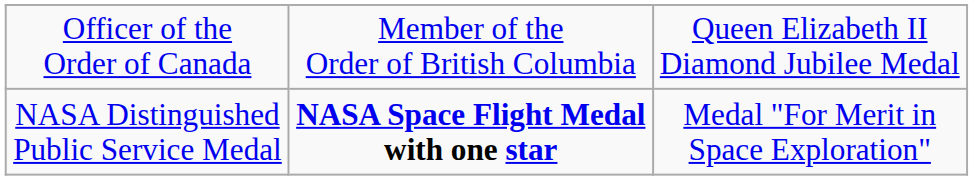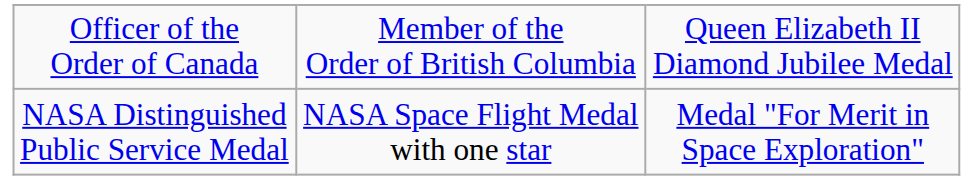 <table class="wikitable" style="margin:1em auto; text-align:center;">
 <tr>
 <td><a href='#'>Officer of the<br>Order of Canada</a></td>
 <td><a href='#'>Member of the<br>Order of British Columbia</a></td>
 <td><a href='#'>Queen Elizabeth II<br>Diamond Jubilee Medal</a></td>
 </tr>
 <tr>
 <td><a href='#'>NASA Distinguished<br>Public Service Medal</a></td>
-<td><strong><a href='#'>NASA Space Flight Medal</a><br>with one <a href='#'>star</a></strong></td>
+<td><a href='#'>NASA Space Flight Medal</a><br>with one <a href='#'>star</a></td>
 <td><a href='#'>Medal "For Merit in<br>Space Exploration"</a></td>
 </tr>
 </table>
